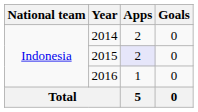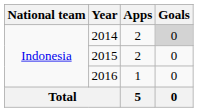 <table class="wikitable" style="text-align:center">
 <tr>
 <th>National team</th>
 <th>Year</th>
 <th>Apps</th>
 <th>Goals</th>
 </tr>
 <tr>
 <td rowspan=3><a href='#'>Indonesia</a></td>
 <td>2014</td>
 <td>2</td>
-<td>0</td>
+<td style="background: lightgrey;">0</td>
 </tr>
 <tr>
 <td>2015</td>
-<td style="background: lavender;">2</td>
+<td>2</td>
 <td>0</td>
 </tr>
 <tr>
 <td>2016</td>
 <td>1</td>
 <td>0</td>
 </tr>
 <tr>
 <th colspan=2>Total</th>
 <th>5</th>
 <th>0</th>
 </tr>
 </table>
